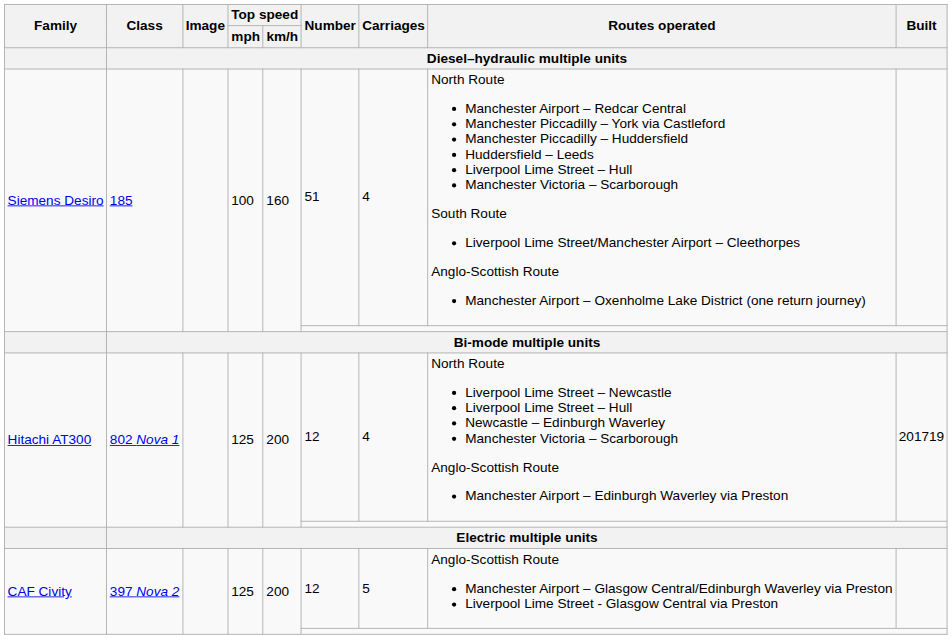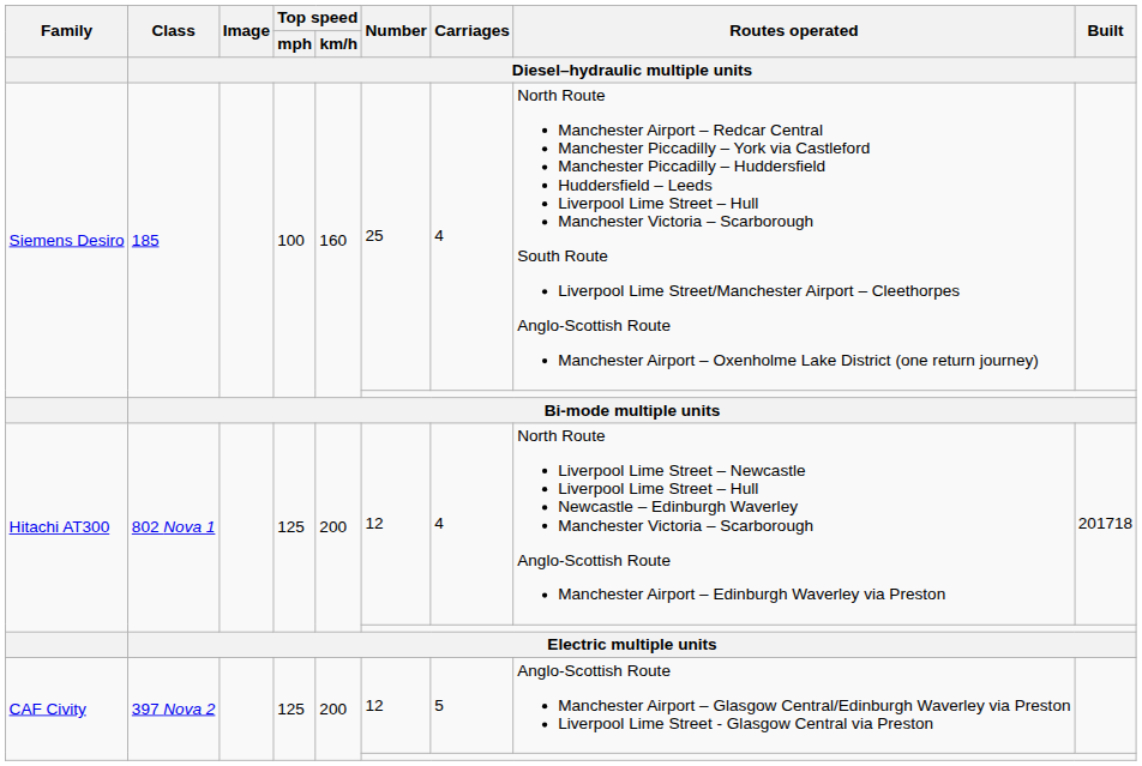 <table class="wikitable defaultcenter col1left col2left col9left">
 <tr>
 <th rowspan="2">Family</th>
 <th rowspan="2">Class</th>
 <th rowspan="2">Image</th>
 <th colspan="2">Top speed</th>
 <th rowspan="2">Number</th>
 <th rowspan="2">Carriages</th>
 <th rowspan="2">Routes operated</th>
 <th rowspan="2">Built</th>
 </tr>
 <tr>
 <th>mph</th>
 <th>km/h</th>
 </tr>
 <tr>
 <th></th>
 <th colspan="9">Diesel–hydraulic multiple units</th>
 </tr>
 <tr>
 <td rowspan="2"><a href='#'>Siemens Desiro</a></td>
 <td rowspan="2"><a href='#'>185</a></td>
 <td rowspan="2"></td>
 <td rowspan="2">100</td>
 <td rowspan="2">160</td>
-<td>51</td>
+<td>25</td>
 <td>4</td>
 <td>North Route<br><ul><li>Manchester Airport – Redcar Central</li><li>Manchester Piccadilly – York via Castleford</li><li>Manchester Piccadilly – Huddersfield</li><li>Huddersfield – Leeds</li><li>Liverpool Lime Street – Hull</li><li>Manchester Victoria – Scarborough</li></ul>South Route<ul><li>Liverpool Lime Street/Manchester Airport – Cleethorpes</li></ul>Anglo-Scottish Route<ul><li>Manchester Airport – Oxenholme Lake District (one return journey)</li></ul></td>
 <td></td>
 </tr>
 <tr>
 <td colspan="4"></td>
 </tr>
 <tr>
 <th></th>
 <th colspan="9">Bi-mode multiple units</th>
 </tr>
 <tr>
 <td rowspan="2"><a href='#'>Hitachi AT300</a></td>
 <td rowspan="2"><a href='#'>802 <em>Nova 1</em></a></td>
 <td rowspan="2"></td>
 <td rowspan="2">125</td>
 <td rowspan="2">200</td>
 <td>12</td>
 <td>4</td>
 <td>North Route<br><ul><li>Liverpool Lime Street – Newcastle</li><li>Liverpool Lime Street – Hull</li><li>Newcastle – Edinburgh Waverley</li><li>Manchester Victoria – Scarborough</li></ul>Anglo-Scottish Route<ul><li>Manchester Airport – Edinburgh Waverley via Preston</li></ul></td>
-<td>201719</td>
+<td>201718</td>
 </tr>
 <tr>
 <td colspan="4"></td>
 </tr>
 <tr>
 <th></th>
 <th colspan="9">Electric multiple units</th>
 </tr>
 <tr>
 <td rowspan="2"><a href='#'>CAF Civity</a></td>
 <td rowspan="2"><a href='#'>397 <em>Nova 2</em></a></td>
 <td rowspan="2"></td>
 <td rowspan="2">125</td>
 <td rowspan="2">200</td>
 <td>12</td>
 <td>5</td>
 <td>Anglo-Scottish Route<br><ul><li>Manchester Airport – Glasgow Central/Edinburgh Waverley via Preston</li><li>Liverpool Lime Street - Glasgow Central via Preston</li></ul></td>
 <td></td>
 </tr>
 <tr>
 <td colspan="4"></td>
 </tr>
 </table>
